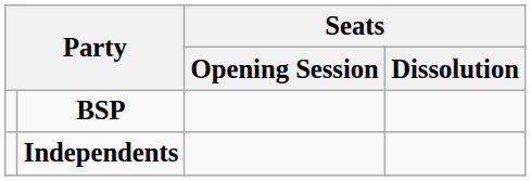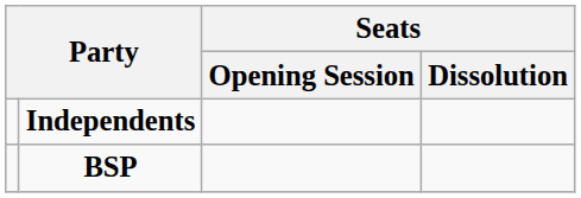 <table class="wikitable">
 <tr>
 <th colspan="2" rowspan="2">Party</th>
 <th colspan="2">Seats</th>
 </tr>
 <tr>
 <th>Opening Session</th>
 <th>Dissolution</th>
 </tr>
 <tr>
 <td style="color:inherit;background:"></td>
-<td style="text-align:center"><strong>BSP</strong></td>
+<td style="text-align:center"><strong>Independents</strong></td>
 <td></td>
 <td></td>
 </tr>
 <tr>
 <td style="color:inherit;background:"></td>
-<td style="text-align:center"><strong>Independents</strong></td>
+<td style="text-align:center"><strong>BSP</strong></td>
 <td></td>
 <td></td>
 </tr>
 </table>
